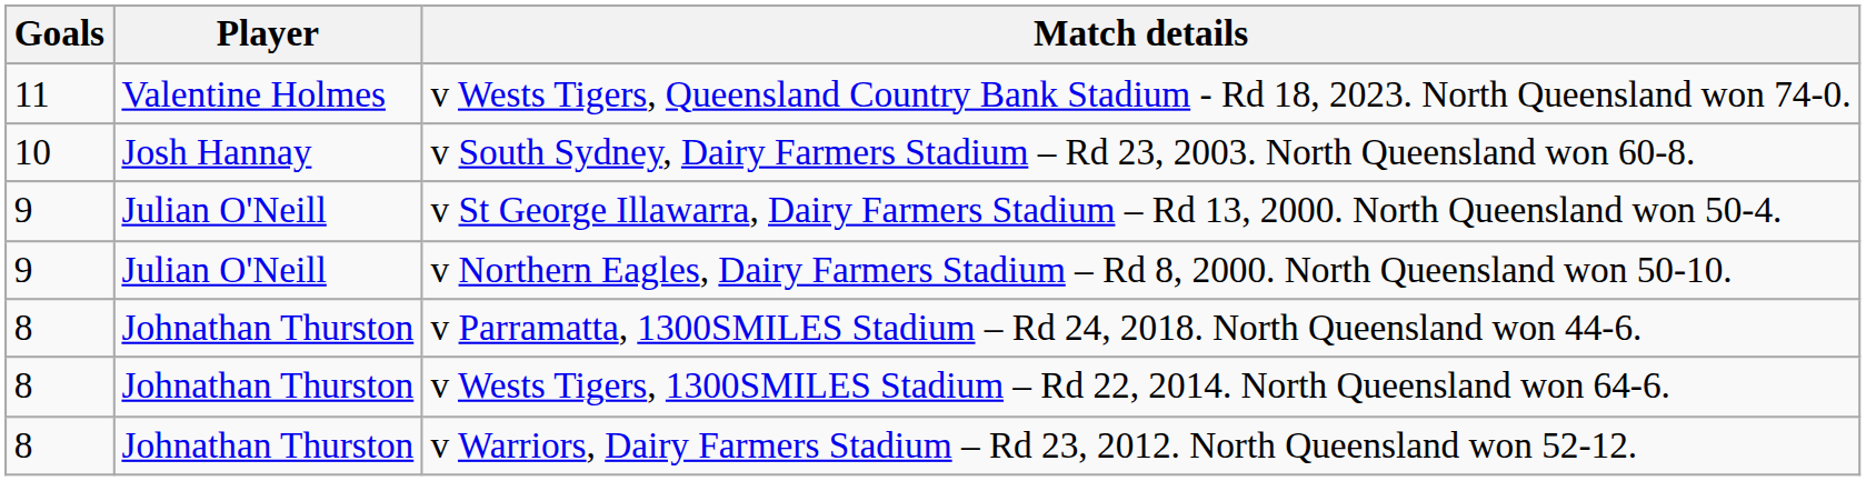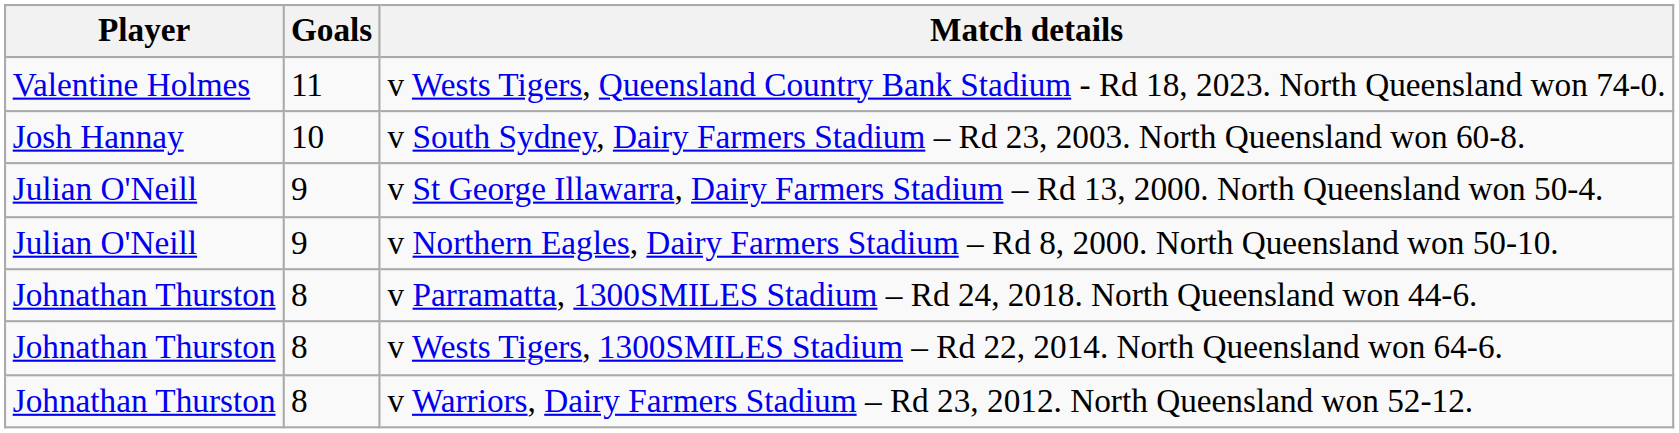 <table class="wikitable">
 <tr>
+<th>Player</th>
 <th>Goals</th>
-<th>Player</th>
 <th>Match details</th>
 </tr>
 <tr>
+<td><a href='#'>Valentine Holmes</a></td>
 <td>11</td>
-<td><a href='#'>Valentine Holmes</a></td>
 <td>v <a href='#'>Wests Tigers</a>, <a href='#'>Queensland Country Bank Stadium</a> - Rd 18, 2023. North Queensland won 74-0.</td>
 </tr>
 <tr>
+<td><a href='#'>Josh Hannay</a></td>
 <td>10</td>
-<td><a href='#'>Josh Hannay</a></td>
 <td>v <a href='#'>South Sydney</a>, <a href='#'>Dairy Farmers Stadium</a> – Rd 23, 2003. North Queensland won 60-8.</td>
 </tr>
 <tr>
+<td><a href='#'>Julian O'Neill</a></td>
 <td>9</td>
-<td><a href='#'>Julian O'Neill</a></td>
 <td>v <a href='#'>St George Illawarra</a>, <a href='#'>Dairy Farmers Stadium</a> – Rd 13, 2000. North Queensland won 50-4.</td>
 </tr>
 <tr>
+<td><a href='#'>Julian O'Neill</a></td>
 <td>9</td>
-<td><a href='#'>Julian O'Neill</a></td>
 <td>v <a href='#'>Northern Eagles</a>, <a href='#'>Dairy Farmers Stadium</a> – Rd 8, 2000. North Queensland won 50-10.</td>
 </tr>
 <tr>
+<td><a href='#'>Johnathan Thurston</a></td>
 <td>8</td>
-<td><a href='#'>Johnathan Thurston</a></td>
 <td>v <a href='#'>Parramatta</a>, <a href='#'>1300SMILES Stadium</a> – Rd 24, 2018. North Queensland won 44-6.</td>
 </tr>
 <tr>
+<td><a href='#'>Johnathan Thurston</a></td>
 <td>8</td>
-<td><a href='#'>Johnathan Thurston</a></td>
 <td>v <a href='#'>Wests Tigers</a>, <a href='#'>1300SMILES Stadium</a> – Rd 22, 2014. North Queensland won 64-6.</td>
 </tr>
 <tr>
+<td><a href='#'>Johnathan Thurston</a></td>
 <td>8</td>
-<td><a href='#'>Johnathan Thurston</a></td>
 <td>v <a href='#'>Warriors</a>, <a href='#'>Dairy Farmers Stadium</a> – Rd 23, 2012. North Queensland won 52-12.</td>
 </tr>
 </table>
